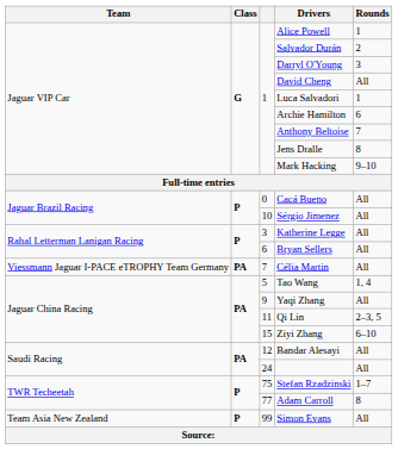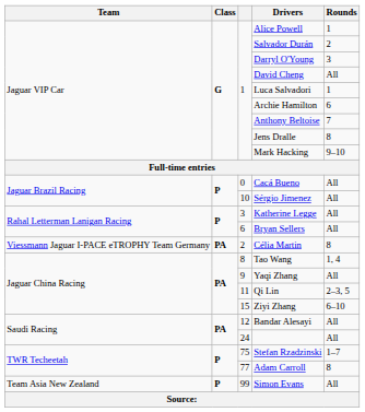 <table class="wikitable" style="font-size:85%; display: inline-table;">
 <tr>
 <th>Team</th>
 <th>Class</th>
 <th></th>
 <th>Drivers</th>
 <th>Rounds</th>
 </tr>
 <tr>
 <td rowspan=9> Jaguar VIP Car</td>
 <td rowspan=9><div><strong><span>G</span></strong></div></td>
 <td rowspan=9>1</td>
 <td> <a href='#'>Alice Powell</a></td>
 <td>1</td>
 </tr>
 <tr>
 <td> <a href='#'>Salvador Durán</a></td>
 <td>2</td>
 </tr>
 <tr>
 <td> <a href='#'>Darryl O'Young</a></td>
 <td>3</td>
 </tr>
 <tr>
 <td> <a href='#'>David Cheng</a></td>
 <td>All</td>
 </tr>
 <tr>
 <td> Luca Salvadori</td>
 <td>1</td>
 </tr>
 <tr>
 <td> Archie Hamilton</td>
 <td>6</td>
 </tr>
 <tr>
 <td> <a href='#'>Anthony Beltoise</a></td>
 <td>7</td>
 </tr>
 <tr>
 <td> Jens Dralle</td>
 <td>8</td>
 </tr>
 <tr>
 <td> Mark Hacking</td>
 <td>9–10</td>
 </tr>
 <tr>
 <th colspan=5>Full-time entries</th>
 </tr>
 <tr>
 <td rowspan=2> <a href='#'>Jaguar Brazil Racing</a></td>
 <td rowspan=2><div><strong><span>P</span></strong></div></td>
 <td>0</td>
 <td> <a href='#'>Cacá Bueno</a></td>
 <td>All</td>
 </tr>
 <tr>
 <td>10</td>
 <td> <a href='#'>Sérgio Jimenez</a></td>
 <td>All</td>
 </tr>
 <tr>
 <td rowspan=2> <a href='#'>Rahal Letterman Lanigan Racing</a></td>
 <td rowspan=2><div><strong><span>P</span></strong></div></td>
 <td>3</td>
 <td> <a href='#'>Katherine Legge</a></td>
 <td>All</td>
 </tr>
 <tr>
 <td>6</td>
 <td> <a href='#'>Bryan Sellers</a></td>
 <td>All</td>
 </tr>
 <tr>
 <td> <a href='#'>Viessmann</a> Jaguar I-PACE eTROPHY Team Germany</td>
 <td><div><strong><span>PA</span></strong></div></td>
-<td>7</td>
+<td>2</td>
 <td> <a href='#'>Célia Martin</a></td>
-<td>All</td>
+<td>8</td>
 </tr>
 <tr>
 <td rowspan="4"> Jaguar China Racing</td>
 <td rowspan=4><div><strong><span>PA</span></strong></div></td>
-<td>5</td>
+<td>8</td>
 <td> Tao Wang</td>
 <td>1, 4</td>
 </tr>
 <tr>
 <td>9</td>
 <td> Yaqi Zhang</td>
 <td>All</td>
 </tr>
 <tr>
 <td>11</td>
 <td> Qi Lin</td>
 <td>2–3, 5</td>
 </tr>
 <tr>
 <td>15</td>
 <td> Ziyi Zhang</td>
 <td>6–10</td>
 </tr>
 <tr>
 <td rowspan=2> Saudi Racing</td>
 <td rowspan=2><div><strong><span>PA</span></strong></div></td>
 <td>12</td>
 <td> Bandar Alesayi</td>
 <td>All</td>
 </tr>
 <tr>
 <td>24</td>
 <td></td>
 <td>All</td>
 </tr>
 <tr>
 <td rowspan=2> <a href='#'>TWR Techeetah</a></td>
 <td rowspan=2><div><strong><span>P</span></strong></div></td>
 <td>75</td>
 <td> <a href='#'>Stefan Rzadzinski</a></td>
 <td>1–7</td>
 </tr>
 <tr>
 <td>77</td>
 <td> <a href='#'>Adam Carroll</a></td>
 <td>8</td>
 </tr>
 <tr>
 <td>   Team Asia New Zealand</td>
 <td><div><strong><span>P</span></strong></div></td>
 <td>99</td>
 <td> <a href='#'>Simon Evans</a></td>
 <td>All</td>
 </tr>
 <tr>
 <th colspan=5 scope="row">Source:</th>
 </tr>
 </table>
